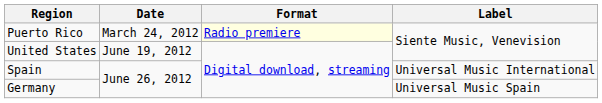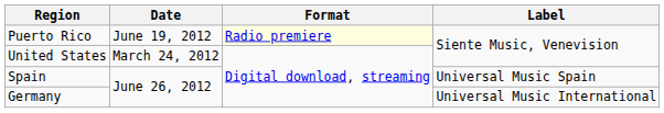 <table class="wikitable">
 <tr>
 <th>Region</th>
 <th>Date</th>
 <th>Format</th>
 <th>Label</th>
 </tr>
 <tr>
 <td>Puerto Rico</td>
-<td rowspan="1">March 24, 2012</td>
+<td rowspan="1">June 19, 2012</td>
 <td rowspan="1" style="background: lightyellow;"><a href='#'>Radio premiere</a></td>
 <td rowspan="2">Siente Music, Venevision</td>
 </tr>
 <tr>
 <td>United States</td>
-<td rowspan="1">June 19, 2012</td>
+<td rowspan="1">March 24, 2012</td>
 <td rowspan="3"><a href='#'>Digital download</a>, <a href='#'>streaming</a></td>
 </tr>
 <tr>
 <td>Spain</td>
 <td rowspan="2">June 26, 2012</td>
-<td rowspan="1">Universal Music International</td>
+<td rowspan="1">Universal Music Spain</td>
 </tr>
 <tr>
 <td>Germany</td>
-<td rowspan="1">Universal Music Spain</td>
+<td rowspan="1">Universal Music International</td>
 </tr>
 </table>
